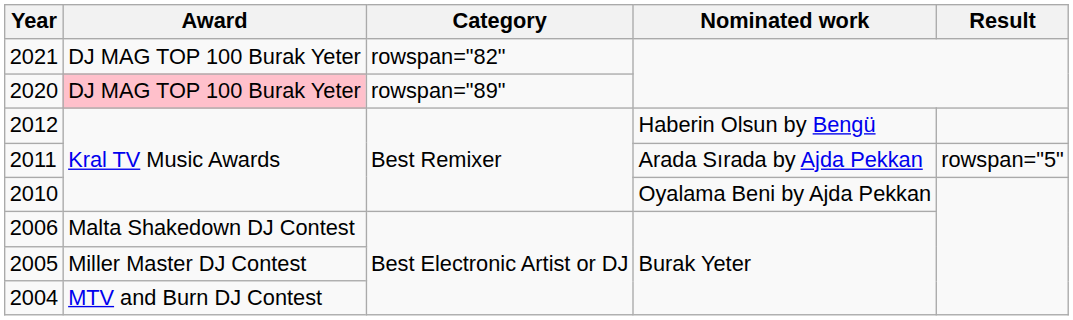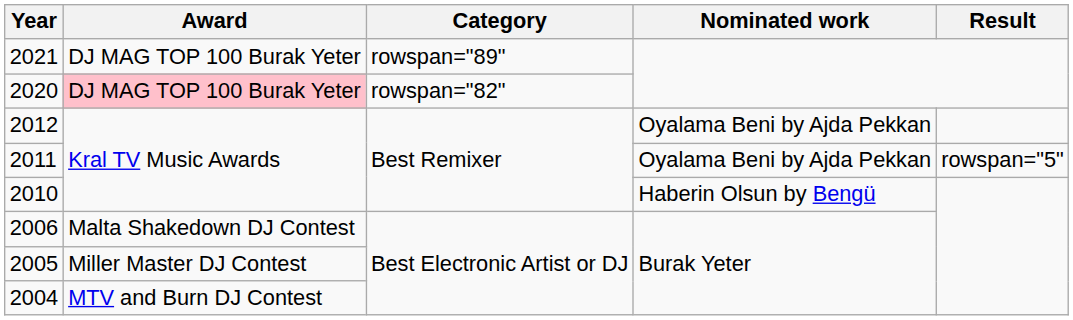 <table class=wikitable>
 <tr>
 <th>Year</th>
 <th>Award</th>
 <th>Category</th>
 <th>Nominated work</th>
 <th>Result</th>
 </tr>
 <tr>
 <td>2021</td>
 <td>DJ MAG TOP 100 Burak Yeter</td>
-<td>rowspan="82" </td>
+<td>rowspan="89" </td>
 </tr>
 <tr>
 <td>2020</td>
 <td style="background: pink;">DJ MAG TOP 100 Burak Yeter</td>
-<td>rowspan="89" </td>
+<td>rowspan="82" </td>
 </tr>
 <tr>
 <td>2012</td>
 <td rowspan="3"><a href='#'>Kral TV</a> Music Awards</td>
 <td rowspan="3">Best Remixer</td>
-<td>Haberin Olsun by <a href='#'>Bengü</a></td>
+<td>Oyalama Beni by Ajda Pekkan</td>
 <td></td>
 </tr>
 <tr>
 <td>2011</td>
-<td>Arada Sırada by <a href='#'>Ajda Pekkan</a></td>
+<td>Oyalama Beni by Ajda Pekkan</td>
 <td>rowspan="5" </td>
 </tr>
 <tr>
 <td>2010</td>
-<td>Oyalama Beni by Ajda Pekkan</td>
+<td>Haberin Olsun by <a href='#'>Bengü</a></td>
 </tr>
 <tr>
 <td>2006</td>
 <td>Malta Shakedown DJ Contest</td>
 <td rowspan="3">Best Electronic Artist or DJ</td>
 <td rowspan="3">Burak Yeter</td>
 </tr>
 <tr>
 <td>2005</td>
 <td>Miller Master DJ Contest</td>
 </tr>
 <tr>
 <td>2004</td>
 <td><a href='#'>MTV</a> and Burn DJ Contest</td>
 </tr>
 </table>
